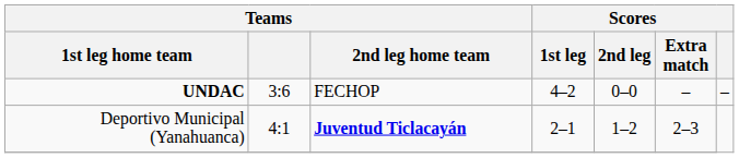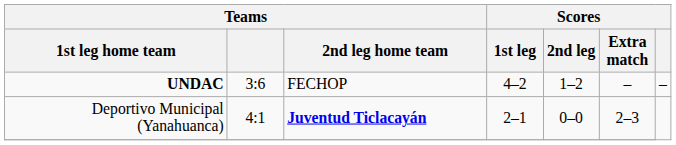 <table class="wikitable" style="text-align: center;">
 <tr>
 <th colspan=3>Teams</th>
 <th colspan=4>Scores</th>
 </tr>
 <tr>
 <th width="220">1st leg home team</th>
 <th width="50"></th>
 <th width="200">2nd leg home team</th>
 <th width="50">1st leg</th>
 <th width="50">2nd leg</th>
 <th width="50">Extra match</th>
 <th></th>
 </tr>
 <tr>
 <td align=right><strong>UNDAC</strong></td>
 <td>3:6</td>
 <td align=left>FECHOP</td>
 <td>4–2</td>
-<td>0–0</td>
+<td>1–2</td>
 <td>–</td>
 <td>–</td>
 </tr>
 <tr>
 <td align=right>Deportivo Municipal (Yanahuanca)</td>
 <td>4:1</td>
 <td align=left><strong><a href='#'>Juventud Ticlacayán</a></strong></td>
 <td>2–1</td>
-<td>1–2</td>
+<td>0–0</td>
 <td>2–3</td>
 </tr>
 <tr>
 </tr>
 </table>
